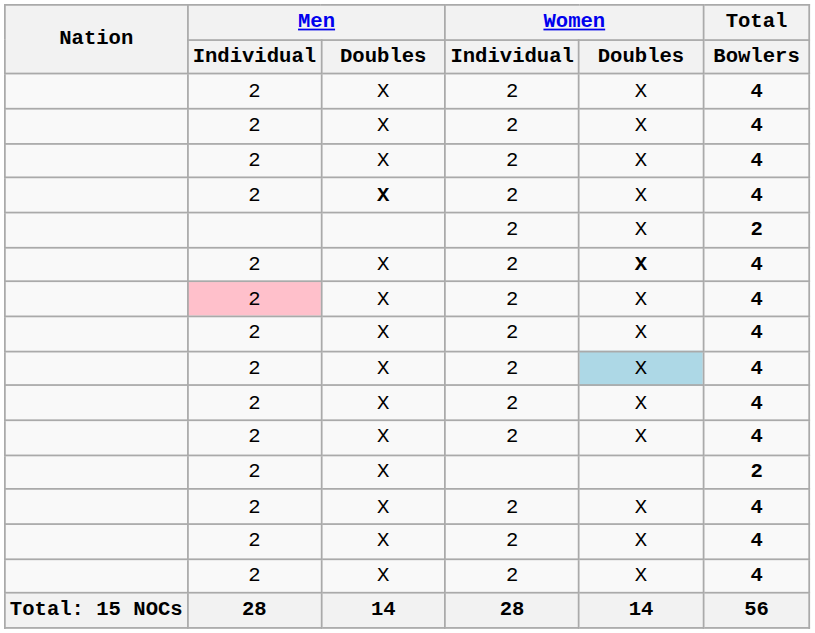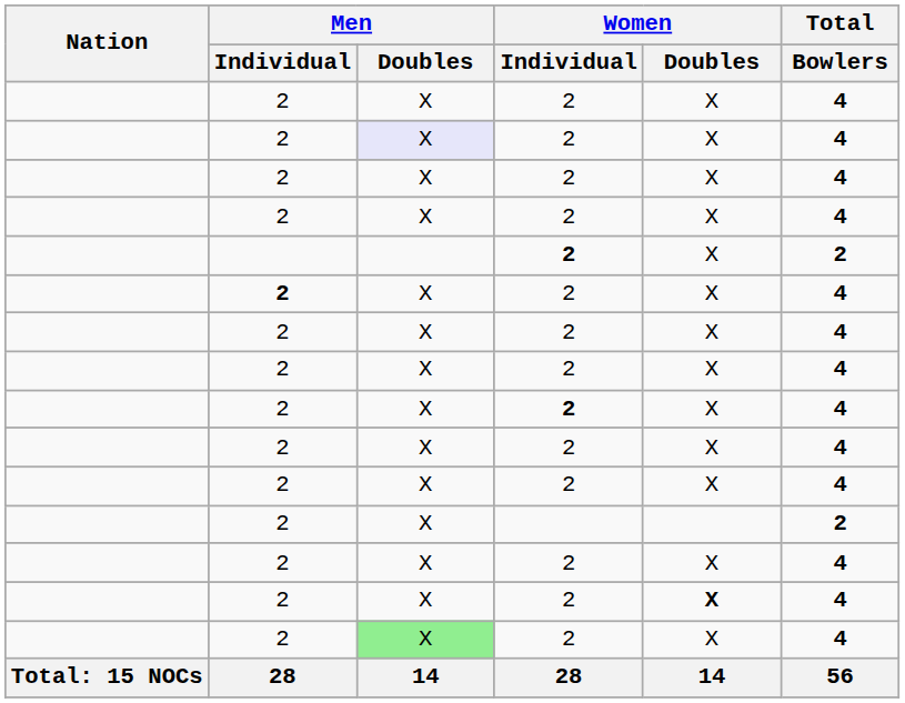 <table class="wikitable" style="text-align:center; font-size:90%">
 <tr>
 <th rowspan="2" align="left">Nation</th>
 <th colspan="2"><a href='#'>Men</a></th>
 <th colspan="2"><a href='#'>Women</a></th>
 <th>Total</th>
 </tr>
 <tr>
 <th width=65>Individual</th>
 <th width=65>Doubles</th>
 <th width=65>Individual</th>
 <th width=65>Doubles</th>
 <th width=55>Bowlers</th>
 </tr>
 <tr>
 <td align=left></td>
 <td>2</td>
 <td>X</td>
 <td>2</td>
 <td>X</td>
 <td><strong>4</strong></td>
 </tr>
 <tr>
 <td align=left></td>
 <td>2</td>
+<td style="background: lavender;">X</td>
+<td>2</td>
+<td>X</td>
+<td><strong>4</strong></td>
+</tr>
+<tr>
+<td align=left></td>
+<td>2</td>
 <td>X</td>
 <td>2</td>
 <td>X</td>
 <td><strong>4</strong></td>
 </tr>
 <tr>
 <td align=left></td>
 <td>2</td>
 <td>X</td>
 <td>2</td>
 <td>X</td>
 <td><strong>4</strong></td>
 </tr>
 <tr>
 <td align=left></td>
-<td>2</td>
-<td><strong>X</strong></td>
-<td>2</td>
-<td>X</td>
-<td><strong>4</strong></td>
-</tr>
-<tr>
-<td align=left></td>
 <td></td>
 <td></td>
-<td>2</td>
+<td><strong>2</strong></td>
 <td>X</td>
 <td><strong>2</strong></td>
 </tr>
 <tr>
 <td align=left></td>
-<td>2</td>
-<td>X</td>
-<td>2</td>
-<td><strong>X</strong></td>
-<td><strong>4</strong></td>
-</tr>
-<tr>
-<td align=left></td>
-<td style="background: pink;">2</td>
+<td><strong>2</strong></td>
 <td>X</td>
 <td>2</td>
 <td>X</td>
 <td><strong>4</strong></td>
 </tr>
 <tr>
 <td align=left></td>
 <td>2</td>
 <td>X</td>
 <td>2</td>
 <td>X</td>
 <td><strong>4</strong></td>
 </tr>
 <tr>
 <td align=left></td>
 <td>2</td>
 <td>X</td>
 <td>2</td>
-<td style="background: lightblue;">X</td>
+<td>X</td>
+<td><strong>4</strong></td>
+</tr>
+<tr>
+<td align=left></td>
+<td>2</td>
+<td>X</td>
+<td><strong>2</strong></td>
+<td>X</td>
 <td><strong>4</strong></td>
 </tr>
 <tr>
 <td align=left></td>
 <td>2</td>
 <td>X</td>
 <td>2</td>
 <td>X</td>
 <td><strong>4</strong></td>
 </tr>
 <tr>
 <td align=left></td>
 <td>2</td>
 <td>X</td>
 <td>2</td>
 <td>X</td>
 <td><strong>4</strong></td>
 </tr>
 <tr>
 <td align=left></td>
 <td>2</td>
 <td>X</td>
 <td></td>
 <td></td>
 <td><strong>2</strong></td>
 </tr>
 <tr>
 <td align=left></td>
 <td>2</td>
 <td>X</td>
 <td>2</td>
 <td>X</td>
 <td><strong>4</strong></td>
 </tr>
 <tr>
 <td align=left></td>
 <td>2</td>
 <td>X</td>
 <td>2</td>
-<td>X</td>
+<td><strong>X</strong></td>
 <td><strong>4</strong></td>
 </tr>
 <tr>
 <td align=left></td>
 <td>2</td>
-<td>X</td>
+<td style="background: lightgreen;">X</td>
 <td>2</td>
 <td>X</td>
 <td><strong>4</strong></td>
 </tr>
 <tr>
 <th>Total: 15 NOCs</th>
 <th>28</th>
 <th>14</th>
 <th>28</th>
 <th>14</th>
 <th>56</th>
 </tr>
 </table>
